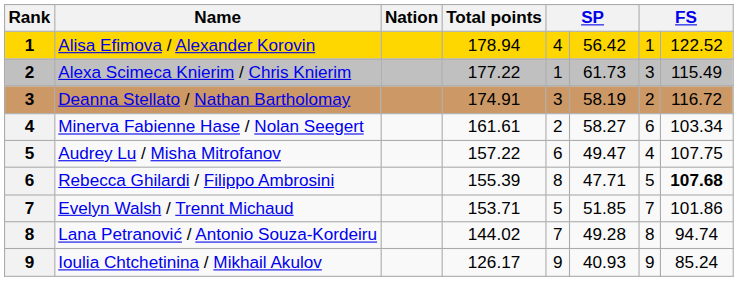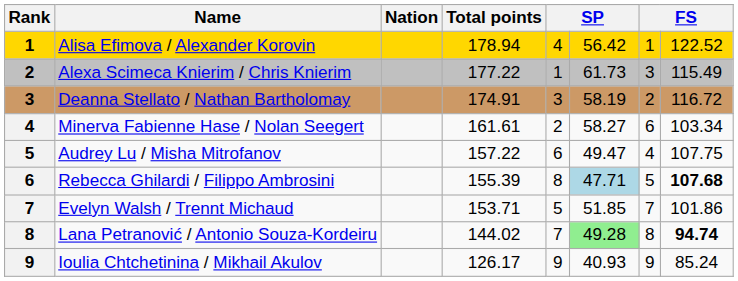 <table class="wikitable sortable">
 <tr>
 <th>Rank</th>
 <th>Name</th>
 <th>Nation</th>
 <th>Total points</th>
 <th colspan="2" width="80px"><a href='#'>SP</a></th>
 <th colspan="2" width="80px"><a href='#'>FS</a></th>
 </tr>
 <tr bgcolor="gold">
 <td align="center"><strong>1</strong></td>
 <td><a href='#'>Alisa Efimova</a> / <a href='#'>Alexander Korovin</a></td>
 <td></td>
 <td align="center">178.94</td>
 <td align="center">4</td>
 <td align="center">56.42</td>
 <td align="center">1</td>
 <td align="center">122.52</td>
 </tr>
 <tr bgcolor="silver">
 <td align="center"><strong>2</strong></td>
 <td><a href='#'>Alexa Scimeca Knierim</a> / <a href='#'>Chris Knierim</a></td>
 <td></td>
 <td align="center">177.22</td>
 <td align="center">1</td>
 <td align="center">61.73</td>
 <td align="center">3</td>
 <td align="center">115.49</td>
 </tr>
 <tr bgcolor="cc9966">
 <td align="center"><strong>3</strong></td>
 <td><a href='#'>Deanna Stellato</a> / <a href='#'>Nathan Bartholomay</a></td>
 <td></td>
 <td align="center">174.91</td>
 <td align="center">3</td>
 <td align="center">58.19</td>
 <td align="center">2</td>
 <td align="center">116.72</td>
 </tr>
 <tr>
 <th>4</th>
 <td><a href='#'>Minerva Fabienne Hase</a> / <a href='#'>Nolan Seegert</a></td>
 <td></td>
 <td align="center">161.61</td>
 <td align="center">2</td>
 <td align="center">58.27</td>
 <td align="center">6</td>
 <td align="center">103.34</td>
 </tr>
 <tr>
 <th>5</th>
 <td><a href='#'>Audrey Lu</a> / <a href='#'>Misha Mitrofanov</a></td>
 <td></td>
 <td align="center">157.22</td>
 <td align="center">6</td>
 <td align="center">49.47</td>
 <td align="center">4</td>
 <td align="center">107.75</td>
 </tr>
 <tr>
 <th>6</th>
 <td><a href='#'>Rebecca Ghilardi</a> / <a href='#'>Filippo Ambrosini</a></td>
 <td></td>
 <td align="center">155.39</td>
 <td align="center">8</td>
-<td align="center">47.71</td>
+<td align="center" style="background: lightblue;">47.71</td>
 <td align="center">5</td>
 <td align="center"><strong>107.68</strong></td>
 </tr>
 <tr>
 <th>7</th>
 <td><a href='#'>Evelyn Walsh</a> / <a href='#'>Trennt Michaud</a></td>
 <td></td>
 <td align="center">153.71</td>
 <td align="center">5</td>
 <td align="center">51.85</td>
 <td align="center">7</td>
 <td align="center">101.86</td>
 </tr>
 <tr>
 <th>8</th>
 <td><a href='#'>Lana Petranović</a> / <a href='#'>Antonio Souza-Kordeiru</a></td>
 <td></td>
 <td align="center">144.02</td>
 <td align="center">7</td>
-<td align="center">49.28</td>
+<td align="center" style="background: lightgreen;">49.28</td>
 <td align="center">8</td>
-<td align="center">94.74</td>
+<td align="center"><strong>94.74</strong></td>
 </tr>
 <tr>
 <th>9</th>
 <td><a href='#'>Ioulia Chtchetinina</a> / <a href='#'>Mikhail Akulov</a></td>
 <td></td>
 <td align="center">126.17</td>
 <td align="center">9</td>
 <td align="center">40.93</td>
 <td align="center">9</td>
 <td align="center">85.24</td>
 </tr>
 </table>
